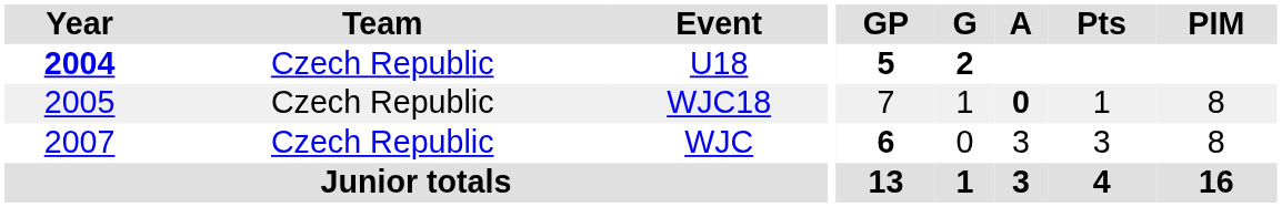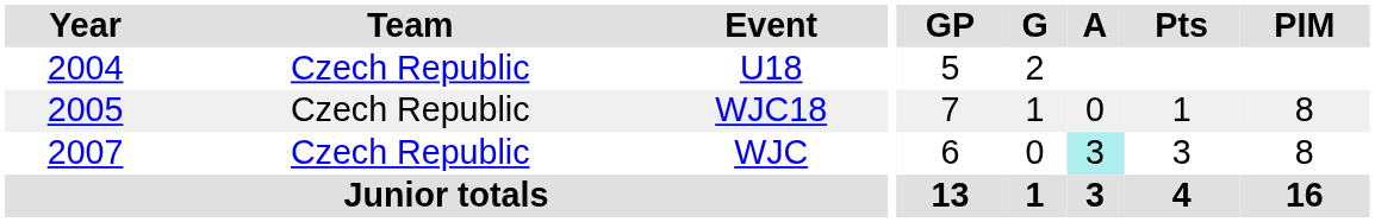 <table border="0" cellpadding="1" cellspacing="0" ID="Table3" style="text-align:center; width:40em">
 <tr ALIGN="center" bgcolor="#e0e0e0">
 <th>Year</th>
 <th>Team</th>
 <th>Event</th>
 <th rowspan="99" bgcolor="#ffffff"></th>
 <th>GP</th>
 <th>G</th>
 <th>A</th>
 <th>Pts</th>
 <th>PIM</th>
 </tr>
 <tr>
-<td><strong><a href='#'>2004</a></strong></td>
+<td><a href='#'>2004</a></td>
 <td><a href='#'>Czech Republic</a></td>
 <td><a href='#'>U18</a></td>
-<td><strong>5</strong></td>
-<td><strong>2</strong></td>
+<td>5</td>
+<td>2</td>
 <td></td>
 <td></td>
 <td></td>
 </tr>
 <tr bgcolor="#f0f0f0">
 <td><a href='#'>2005</a></td>
 <td>Czech Republic</td>
 <td><a href='#'>WJC18</a></td>
 <td>7</td>
 <td>1</td>
-<td><strong>0</strong></td>
+<td>0</td>
 <td>1</td>
 <td>8</td>
 </tr>
 <tr>
 <td><a href='#'>2007</a></td>
 <td><a href='#'>Czech Republic</a></td>
 <td><a href='#'>WJC</a></td>
-<td><strong>6</strong></td>
+<td>6</td>
 <td>0</td>
-<td>3</td>
+<td style="background: paleturquoise;">3</td>
 <td>3</td>
 <td>8</td>
 </tr>
 <tr bgcolor="#e0e0e0">
 <th colspan="3">Junior totals</th>
 <th>13</th>
 <th>1</th>
 <th>3</th>
 <th>4</th>
 <th>16</th>
 </tr>
 </table>
